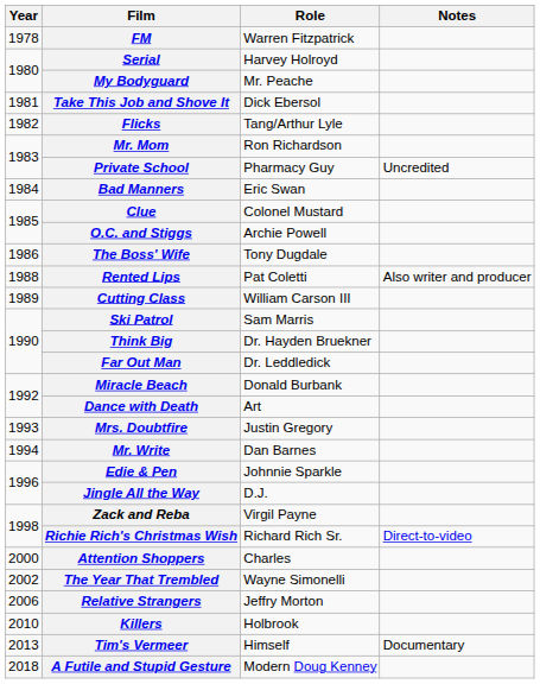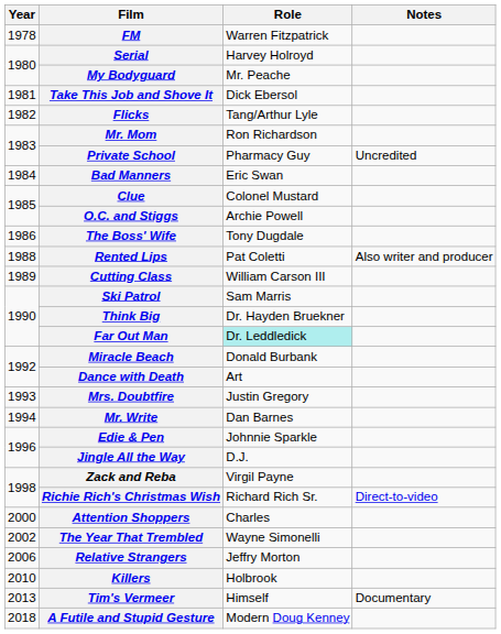 <table class="wikitable sortable plainrowheaders">
 <tr>
 <th scope="col">Year</th>
 <th scope="col">Film</th>
 <th scope="col">Role</th>
 <th class = "unsortable">Notes</th>
 </tr>
 <tr>
 <td>1978</td>
 <th scope="row"><em><a href='#'>FM</a></em></th>
 <td>Warren Fitzpatrick</td>
 <td></td>
 </tr>
 <tr>
 <td rowspan=2>1980</td>
 <th scope="row"><em><a href='#'>Serial</a></em></th>
 <td>Harvey Holroyd</td>
 <td></td>
 </tr>
 <tr>
 <th scope="row"><em><a href='#'>My Bodyguard</a></em></th>
 <td>Mr. Peache</td>
 <td></td>
 </tr>
 <tr>
 <td>1981</td>
 <th scope="row"><em><a href='#'>Take This Job and Shove It</a></em></th>
 <td>Dick Ebersol</td>
 <td></td>
 </tr>
 <tr>
 <td>1982</td>
 <th scope="row"><em><a href='#'>Flicks</a></em></th>
 <td>Tang/Arthur Lyle</td>
 <td></td>
 </tr>
 <tr>
 <td rowspan=2>1983</td>
 <th scope="row"><em><a href='#'>Mr. Mom</a></em></th>
 <td>Ron Richardson</td>
 <td></td>
 </tr>
 <tr>
 <th scope="row"><em><a href='#'>Private School</a></em></th>
 <td>Pharmacy Guy</td>
 <td>Uncredited</td>
 </tr>
 <tr>
 <td>1984</td>
 <th scope="row"><em><a href='#'>Bad Manners</a></em></th>
 <td>Eric Swan</td>
 <td></td>
 </tr>
 <tr>
 <td rowspan=2>1985</td>
 <th scope="row"><em><a href='#'>Clue</a></em></th>
 <td>Colonel Mustard</td>
 <td></td>
 </tr>
 <tr>
 <th scope="row"><em><a href='#'>O.C. and Stiggs</a></em></th>
 <td>Archie Powell</td>
 <td></td>
 </tr>
 <tr>
 <td>1986</td>
 <th scope="row" data-sort-value="Boss' Wife, The"><em><a href='#'>The Boss' Wife</a></em></th>
 <td>Tony Dugdale</td>
 <td></td>
 </tr>
 <tr>
 <td>1988</td>
 <th scope="row"><em><a href='#'>Rented Lips</a></em></th>
 <td>Pat Coletti</td>
 <td>Also writer and producer</td>
 </tr>
 <tr>
 <td>1989</td>
 <th scope="row"><em><a href='#'>Cutting Class</a></em></th>
 <td>William Carson III</td>
 <td></td>
 </tr>
 <tr>
 <td rowspan=3>1990</td>
 <th scope="row"><em><a href='#'>Ski Patrol</a></em></th>
 <td>Sam Marris</td>
 <td></td>
 </tr>
 <tr>
 <th scope="row"><em><a href='#'>Think Big</a></em></th>
 <td>Dr. Hayden Bruekner</td>
 <td></td>
 </tr>
 <tr>
 <th scope="row"><em><a href='#'>Far Out Man</a></em></th>
-<td>Dr. Leddledick</td>
+<td style="background: paleturquoise;">Dr. Leddledick</td>
 <td></td>
 </tr>
 <tr>
 <td rowspan=2>1992</td>
 <th scope="row"><em><a href='#'>Miracle Beach</a></em></th>
 <td>Donald Burbank</td>
 <td></td>
 </tr>
 <tr>
 <th scope="row"><em><a href='#'>Dance with Death</a></em></th>
 <td>Art</td>
 <td></td>
 </tr>
 <tr>
 <td>1993</td>
 <th scope="row"><em><a href='#'>Mrs. Doubtfire</a></em></th>
 <td>Justin Gregory</td>
 <td></td>
 </tr>
 <tr>
 <td>1994</td>
 <th scope="row"><em><a href='#'>Mr. Write</a></em></th>
 <td>Dan Barnes</td>
 <td></td>
 </tr>
 <tr>
 <td rowspan=2>1996</td>
 <th scope="row"><em><a href='#'>Edie & Pen</a></em></th>
 <td>Johnnie Sparkle</td>
 <td></td>
 </tr>
 <tr>
 <th scope="row"><em><a href='#'>Jingle All the Way</a></em></th>
 <td>D.J.</td>
 <td></td>
 </tr>
 <tr>
 <td rowspan=2>1998</td>
 <th scope="row"><em>Zack and Reba</em></th>
 <td>Virgil Payne</td>
 <td></td>
 </tr>
 <tr>
 <th scope="row"><em><a href='#'>Richie Rich's Christmas Wish</a></em></th>
 <td>Richard Rich Sr.</td>
 <td><a href='#'>Direct-to-video</a></td>
 </tr>
 <tr>
 <td>2000</td>
 <th scope="row"><em><a href='#'>Attention Shoppers</a></em></th>
 <td>Charles</td>
 <td></td>
 </tr>
 <tr>
 <td>2002</td>
 <th scope="row"><em><a href='#'>The Year That Trembled</a></em></th>
 <td>Wayne Simonelli</td>
 <td></td>
 </tr>
 <tr>
 <td>2006</td>
 <th scope="row"><em><a href='#'>Relative Strangers</a></em></th>
 <td>Jeffry Morton</td>
 <td></td>
 </tr>
 <tr>
 <td>2010</td>
 <th scope="row"><em><a href='#'>Killers</a></em></th>
 <td>Holbrook</td>
 <td></td>
 </tr>
 <tr>
 <td>2013</td>
 <th scope="row"><em><a href='#'>Tim's Vermeer</a></em></th>
 <td>Himself</td>
 <td>Documentary</td>
 </tr>
 <tr>
 <td>2018</td>
 <th scope="row"><em><a href='#'>A Futile and Stupid Gesture</a></em></th>
 <td>Modern <a href='#'>Doug Kenney</a></td>
 <td></td>
 </tr>
 </table>
